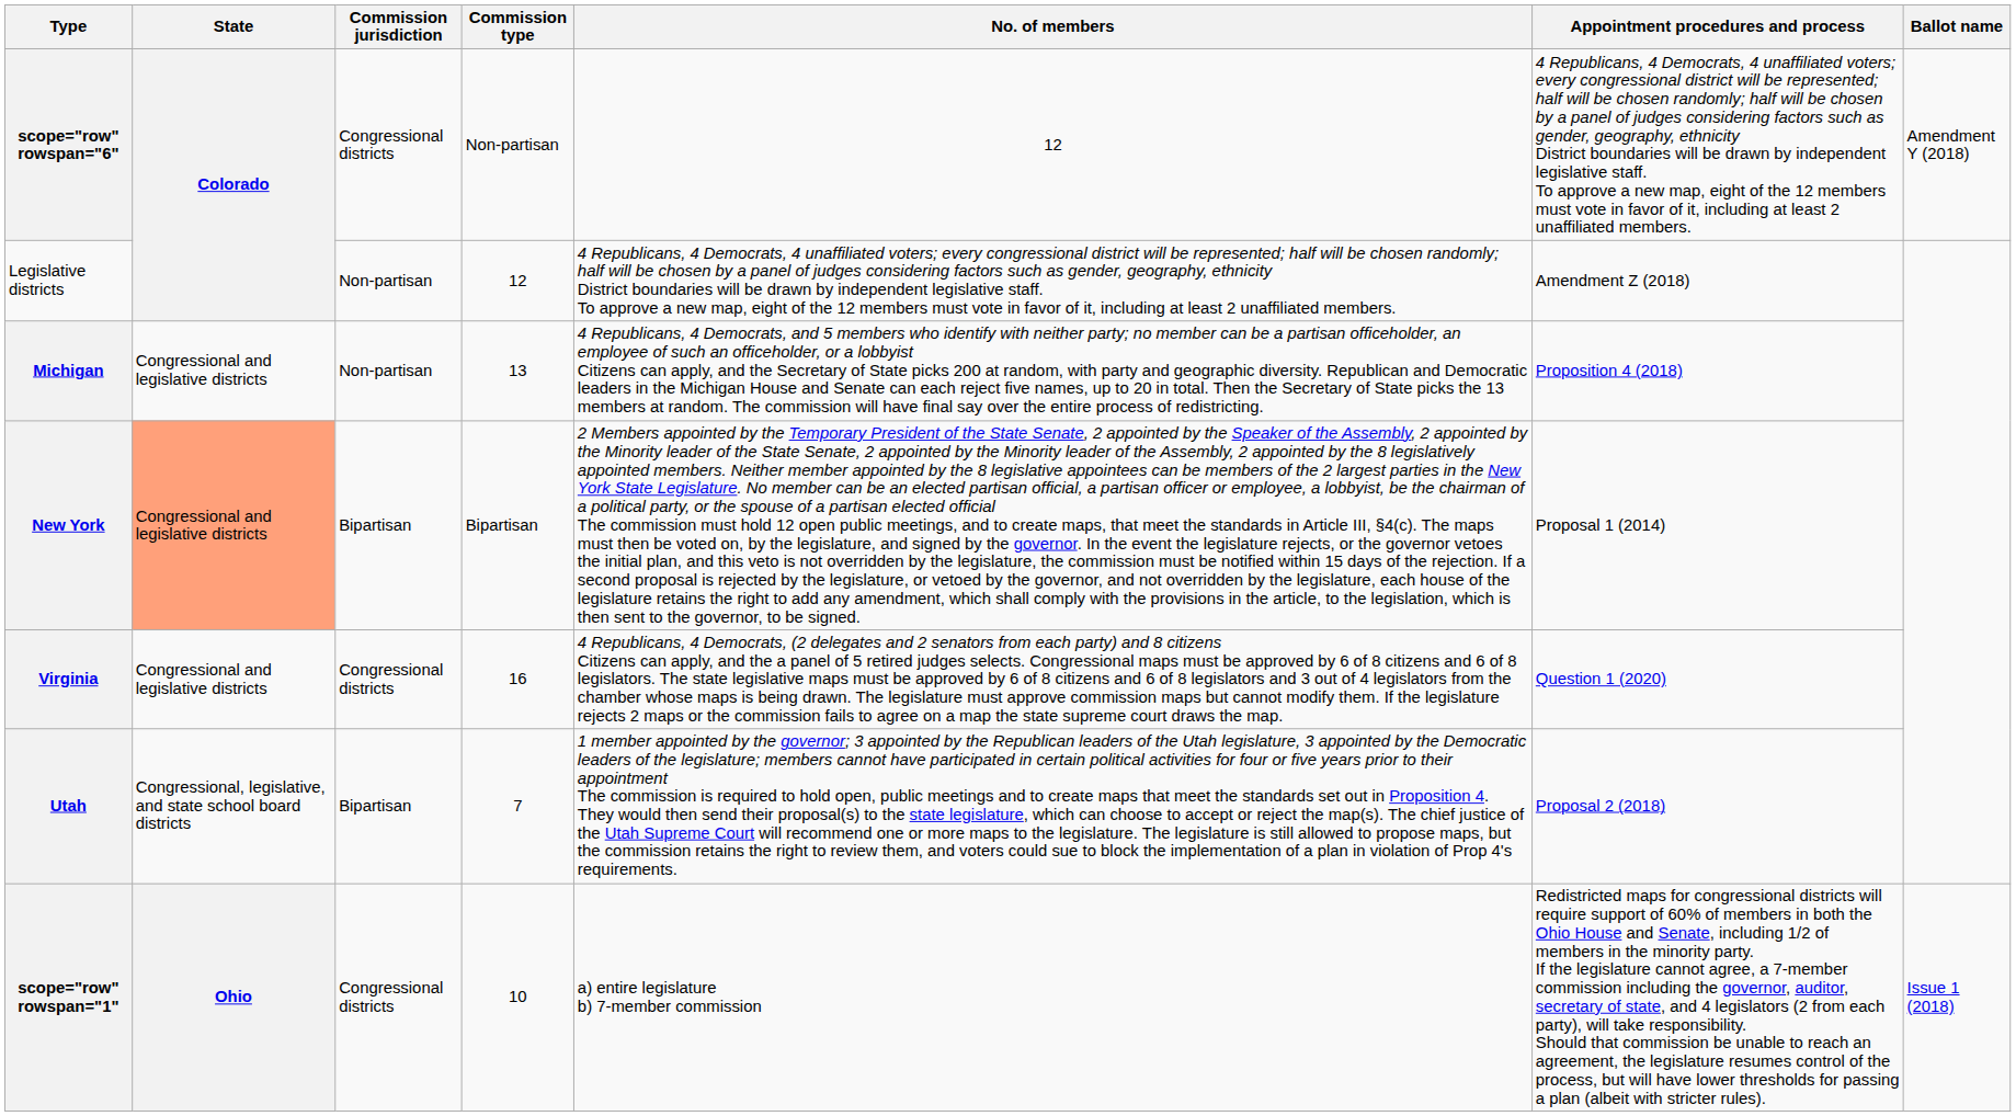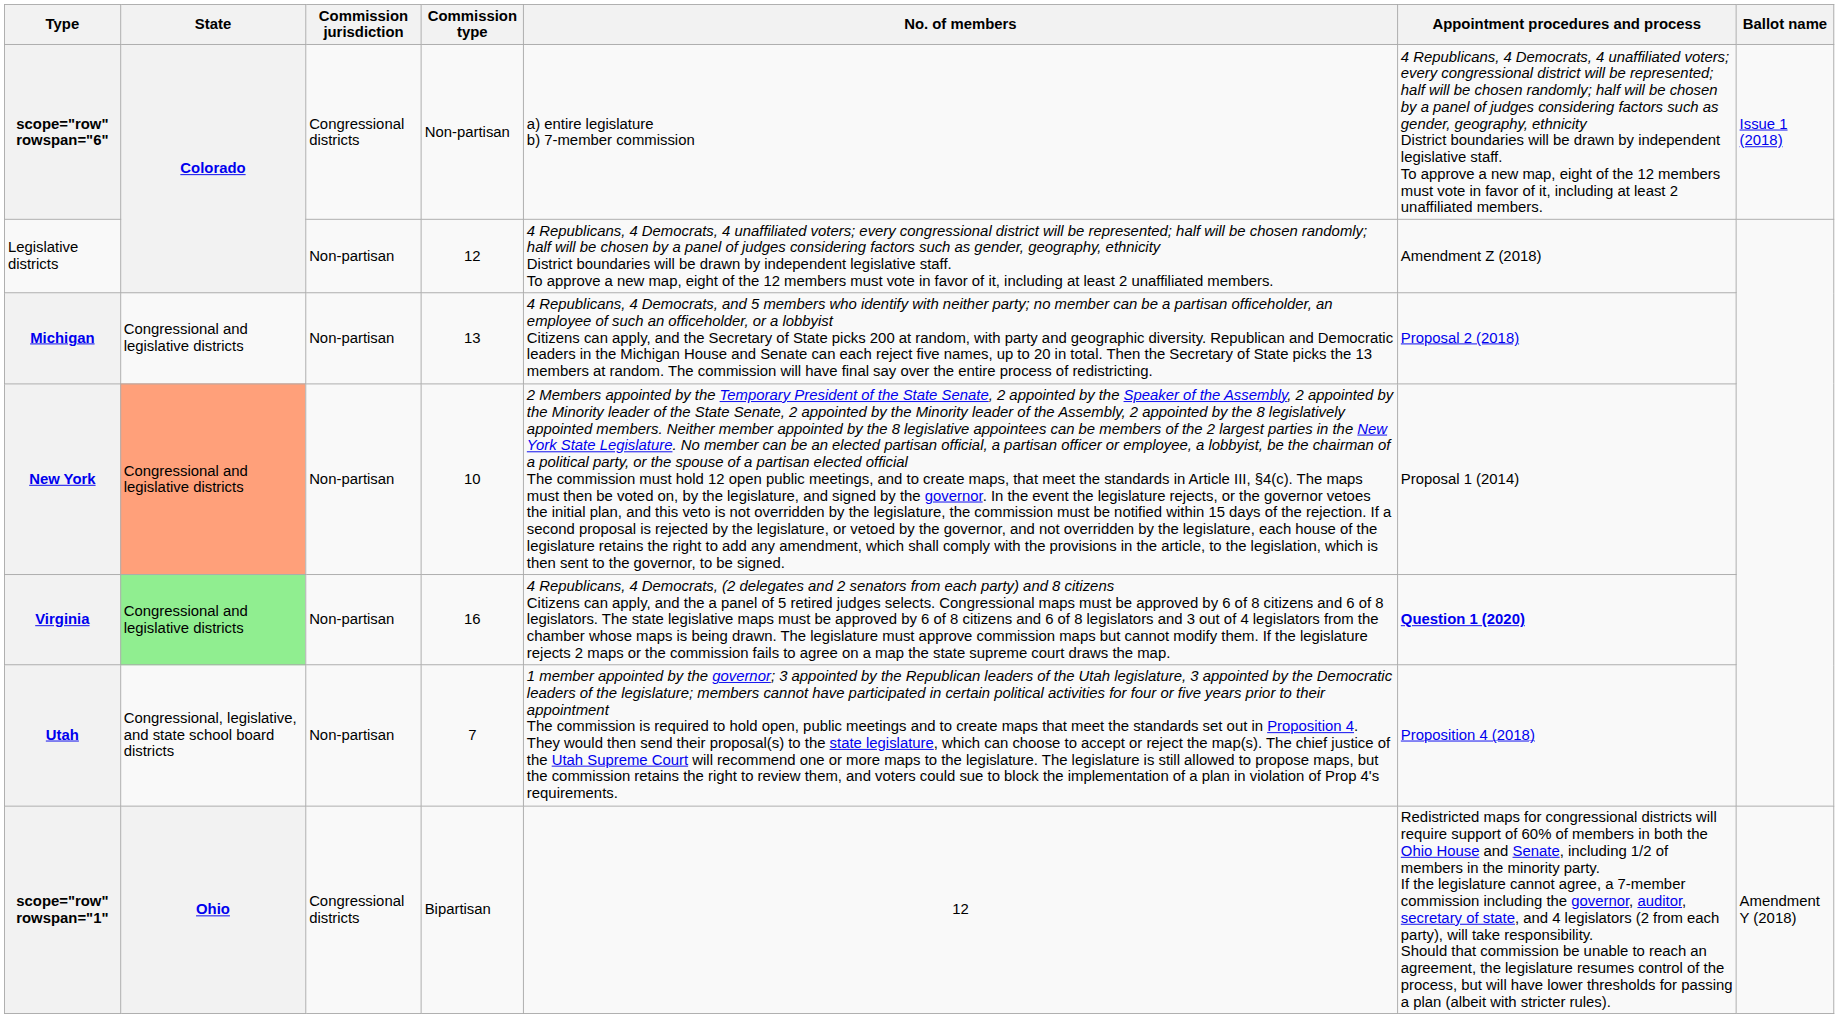 <table class="wikitable">
 <tr>
 <th scope="col">Type</th>
 <th scope="col" style="width:12em;">State</th>
 <th scope="col">Commission jurisdiction</th>
 <th scope="col">Commission type</th>
 <th scope="col">No. of members</th>
 <th scope="col">Appointment procedures and process</th>
 <th scope="col">Ballot name</th>
 </tr>
 <tr>
 <th>scope="row" rowspan="6" </th>
 <th scope="row" rowspan="2"><a href='#'>Colorado</a></th>
 <td>Congressional districts</td>
 <td>Non-partisan</td>
-<td style="text-align:center">12</td>
+<td>a) entire legislature<br>b) 7-member commission</td>
 <td><em>4 Republicans, 4 Democrats, 4 unaffiliated voters; every congressional district will be represented; half will be chosen randomly; half will be chosen by a panel of judges considering factors such as gender, geography, ethnicity</em><br>District boundaries will be drawn by independent legislative staff.<br>To approve a new map, eight of the 12 members must vote in favor of it, including at least 2 unaffiliated members.</td>
-<td>Amendment Y (2018)</td>
+<td><a href='#'>Issue 1 (2018)</a></td>
 </tr>
 <tr>
 <td>Legislative districts</td>
 <td>Non-partisan</td>
 <td style="text-align:center">12</td>
 <td><em>4 Republicans, 4 Democrats, 4 unaffiliated voters; every congressional district will be represented; half will be chosen randomly; half will be chosen by a panel of judges considering factors such as gender, geography, ethnicity</em><br>District boundaries will be drawn by independent legislative staff.<br>To approve a new map, eight of the 12 members must vote in favor of it, including at least 2 unaffiliated members.</td>
 <td>Amendment Z (2018)</td>
 </tr>
 <tr>
 <th scope="row"><a href='#'>Michigan</a></th>
 <td>Congressional and legislative districts</td>
 <td>Non-partisan</td>
 <td style="text-align:center">13</td>
 <td><em>4 Republicans, 4 Democrats, and 5 members who identify with neither party; no member can be a partisan officeholder, an employee of such an officeholder, or a lobbyist</em><br>Citizens can apply, and the Secretary of State picks 200 at random, with party and geographic diversity. Republican and Democratic leaders in the Michigan House and Senate can each reject five names, up to 20 in total. Then the Secretary of State picks the 13 members at random. The commission will have final say over the entire process of redistricting.</td>
-<td><a href='#'>Proposition 4 (2018)</a></td>
+<td><a href='#'>Proposal 2 (2018)</a></td>
 </tr>
 <tr>
 <th scope="row"><a href='#'>New York</a></th>
 <td style="background: lightsalmon;">Congressional and legislative districts</td>
-<td>Bipartisan</td>
-<td>Bipartisan</td>
+<td>Non-partisan</td>
+<td style="text-align:center">10</td>
 <td><em>2 Members appointed by the <a href='#'>Temporary President of the State Senate</a>, 2 appointed by the <a href='#'>Speaker of the Assembly</a>, 2 appointed by the Minority leader of the State Senate, 2 appointed by the Minority leader of the Assembly, 2 appointed by the 8 legislatively appointed members. Neither member appointed by the 8 legislative appointees can be members of the 2 largest parties in the <a href='#'>New York State Legislature</a>. No member can be an elected partisan official, a partisan officer or employee, a lobbyist, be the chairman of a political party, or the spouse of a partisan elected official</em><br>The commission must hold 12 open public meetings, and to create maps, that meet the standards in Article III, §4(c). The maps must then be voted on, by the legislature, and signed by the <a href='#'>governor</a>. In the event the legislature rejects, or the governor vetoes the initial plan, and this veto is not overridden by the legislature, the commission must be notified within 15 days of the rejection. If a second proposal is rejected by the legislature, or vetoed by the governor, and not overridden by the legislature, each house of the legislature retains the right to add any amendment, which shall comply with the provisions in the article, to the legislation, which is then sent to the governor, to be signed.</td>
 <td>Proposal 1 (2014)</td>
 </tr>
 <tr>
 <th scope="row"><a href='#'>Virginia</a></th>
-<td>Congressional and legislative districts</td>
-<td>Congressional districts</td>
+<td style="background: lightgreen;">Congressional and legislative districts</td>
+<td>Non-partisan</td>
 <td style="text-align:center">16</td>
 <td><em>4 Republicans, 4 Democrats, (2 delegates and 2 senators from each party) and 8 citizens</em><br>Citizens can apply, and the a panel of 5 retired judges selects. Congressional maps must be approved by 6 of 8 citizens and 6 of 8 legislators. The state legislative maps must be approved by 6 of 8 citizens and 6 of 8 legislators and 3 out of 4 legislators from the chamber whose maps is being drawn. The legislature must approve commission maps but cannot modify them. If the legislature rejects 2 maps or the commission fails to agree on a map the state supreme court draws the map.</td>
-<td><a href='#'> Question 1 (2020)</a></td>
+<td><strong><a href='#'> Question 1 (2020)</a></strong></td>
 </tr>
 <tr>
 <th scope="row"><a href='#'>Utah</a></th>
 <td>Congressional, legislative, and state school board districts</td>
-<td>Bipartisan</td>
+<td>Non-partisan</td>
 <td style="text-align:center">7</td>
 <td><em>1 member appointed by the <a href='#'>governor</a>; 3 appointed by the Republican leaders of the Utah legislature, 3 appointed by the Democratic leaders of the legislature; members cannot have participated in certain political activities for four or five years prior to their appointment</em><br>The commission is required to hold open, public meetings and to create maps that meet the standards set out in <a href='#'>Proposition 4</a>. They would then send their proposal(s) to the <a href='#'>state legislature</a>, which can choose to accept or reject the map(s). The chief justice of the <a href='#'>Utah Supreme Court</a> will recommend one or more maps to the legislature. The legislature is still allowed to propose maps, but the commission retains the right to review them, and voters could sue to block the implementation of a plan in violation of Prop 4's requirements.</td>
-<td><a href='#'>Proposal 2 (2018)</a></td>
+<td><a href='#'>Proposition 4 (2018)</a></td>
 </tr>
 <tr>
 <th>scope="row" rowspan="1" </th>
 <th scope="row"><a href='#'>Ohio</a></th>
 <td>Congressional districts</td>
-<td style="text-align:center">10</td>
-<td>a) entire legislature<br>b) 7-member commission</td>
+<td>Bipartisan</td>
+<td style="text-align:center">12</td>
 <td>Redistricted maps for congressional districts will require support of 60% of members in both the <a href='#'>Ohio House</a> and <a href='#'>Senate</a>, including 1/2 of members in the minority party.<br>If the legislature cannot agree, a 7-member commission including the <a href='#'>governor</a>, <a href='#'>auditor</a>, <a href='#'>secretary of state</a>, and 4 legislators (2 from each party), will take responsibility.<br>Should that commission be unable to reach an agreement, the legislature resumes control of the process, but will have lower thresholds for passing a plan (albeit with stricter rules).</td>
-<td><a href='#'>Issue 1 (2018)</a></td>
+<td>Amendment Y (2018)</td>
 </tr>
 </table>
